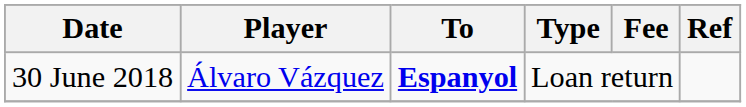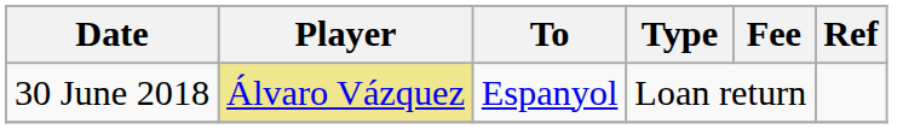 <table class="wikitable">
 <tr>
 <th>Date</th>
 <th>Player</th>
 <th>To</th>
 <th>Type</th>
 <th>Fee</th>
 <th>Ref</th>
 </tr>
 <tr>
 <td>30 June 2018</td>
-<td> <a href='#'>Álvaro Vázquez</a></td>
-<td><strong> <a href='#'>Espanyol</a></strong></td>
+<td style="background: khaki;"> <a href='#'>Álvaro Vázquez</a></td>
+<td> <a href='#'>Espanyol</a></td>
 <td colspan=2>Loan return</td>
 <td></td>
 </tr>
 <tr>
 </tr>
 </table>
